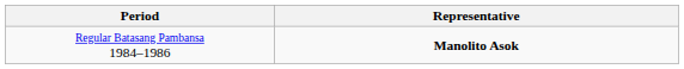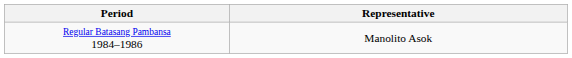 <table class="wikitable" style="text-align:center; width:40%;">
 <tr>
 <th width="40%">Period</th>
 <th>Representative</th>
 </tr>
 <tr>
 <td><small><a href='#'>Regular Batasang Pambansa</a></small><br>1984–1986</td>
-<td><strong>Manolito Asok</strong></td>
+<td>Manolito Asok</td>
 </tr>
 </table>
